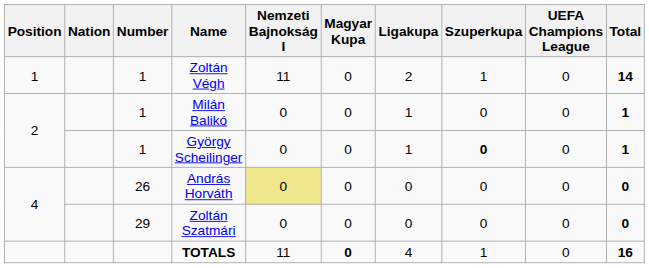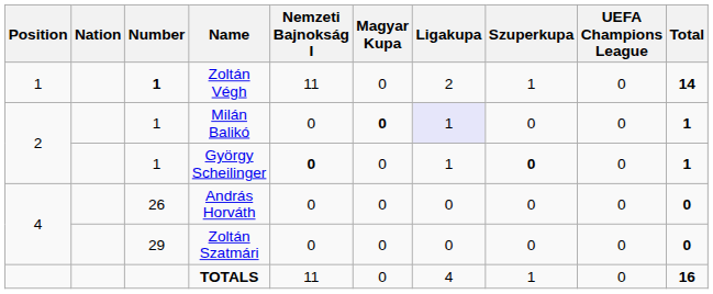 <table class="wikitable" style="font-size: 95%; text-align: center;">
 <tr>
 <th width=60>Position</th>
 <th width=60>Nation</th>
 <th width=60>Number</th>
 <th width=150>Name</th>
 <th width=80>Nemzeti Bajnokság I</th>
 <th width="80">Magyar Kupa</th>
 <th width="80">Ligakupa</th>
 <th width="80">Szuperkupa</th>
 <th width="80">UEFA Champions League</th>
 <th width=80>Total</th>
 </tr>
 <tr>
 <td>1</td>
 <td></td>
-<td>1</td>
+<td><strong>1</strong></td>
 <td><a href='#'>Zoltán Végh</a></td>
 <td>11</td>
 <td>0</td>
 <td>2</td>
 <td>1</td>
 <td>0</td>
 <td><strong>14</strong></td>
 </tr>
 <tr>
 <td rowspan="2">2</td>
 <td></td>
 <td>1</td>
 <td><a href='#'>Milán Balikó</a></td>
 <td>0</td>
-<td>0</td>
-<td>1</td>
+<td><strong>0</strong></td>
+<td style="background: lavender;">1</td>
 <td>0</td>
 <td>0</td>
 <td><strong>1</strong></td>
 </tr>
 <tr>
 <td></td>
 <td>1</td>
 <td><a href='#'>György Scheilinger</a></td>
-<td>0</td>
+<td><strong>0</strong></td>
 <td>0</td>
 <td>1</td>
 <td><strong>0</strong></td>
 <td>0</td>
 <td><strong>1</strong></td>
 </tr>
 <tr>
 <td rowspan="2">4</td>
 <td></td>
 <td>26</td>
 <td><a href='#'>András Horváth</a></td>
-<td style="background: khaki;">0</td>
+<td>0</td>
 <td>0</td>
 <td>0</td>
 <td>0</td>
 <td>0</td>
 <td><strong>0</strong></td>
 </tr>
 <tr>
 <td></td>
 <td>29</td>
 <td><a href='#'>Zoltán Szatmári</a></td>
 <td>0</td>
 <td>0</td>
 <td>0</td>
 <td>0</td>
 <td>0</td>
 <td><strong>0</strong></td>
 </tr>
 <tr>
 <td></td>
 <td></td>
 <td></td>
 <td><strong>TOTALS</strong></td>
 <td>11</td>
-<td><strong>0</strong></td>
+<td>0</td>
 <td>4</td>
 <td>1</td>
 <td>0</td>
 <td><strong>16</strong></td>
 </tr>
 </table>
